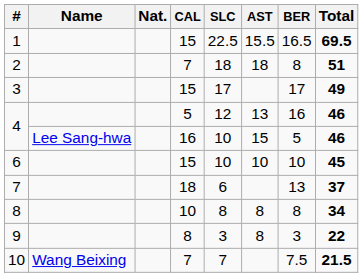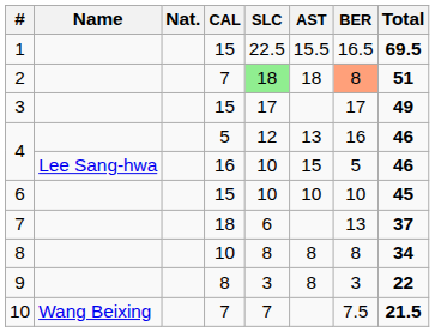 <table class="wikitable sortable" style="text-align:center;">
 <tr>
 <th>#</th>
 <th>Name</th>
 <th>Nat.</th>
 <th><small>CAL</small></th>
 <th><small>SLC</small></th>
 <th><small>AST</small></th>
 <th><small>BER</small></th>
 <th>Total</th>
 </tr>
 <tr>
 <td>1</td>
 <td align=left></td>
 <td></td>
 <td>15</td>
 <td>22.5</td>
 <td>15.5</td>
 <td>16.5</td>
 <td><strong>69.5 </strong></td>
 </tr>
 <tr>
 <td>2</td>
 <td align=left></td>
 <td></td>
 <td>7</td>
+<td style="background: lightgreen;">18</td>
 <td>18</td>
-<td>18</td>
-<td>8</td>
+<td style="background: lightsalmon;">8</td>
 <td><strong>51</strong></td>
 </tr>
 <tr>
 <td>3</td>
 <td align=left></td>
 <td></td>
 <td>15</td>
 <td>17</td>
 <td></td>
 <td>17</td>
 <td><strong>49</strong></td>
 </tr>
 <tr>
 <td rowspan=2>4</td>
 <td align=left></td>
 <td></td>
 <td>5</td>
 <td>12</td>
 <td>13</td>
 <td>16</td>
 <td><strong>46</strong></td>
 </tr>
 <tr>
 <td align=left><a href='#'>Lee Sang-hwa</a></td>
 <td></td>
 <td>16</td>
 <td>10</td>
 <td>15</td>
 <td>5</td>
 <td><strong>46</strong></td>
 </tr>
 <tr>
 <td>6</td>
 <td align=left></td>
 <td></td>
 <td>15</td>
 <td>10</td>
 <td>10</td>
 <td>10</td>
 <td><strong>45</strong></td>
 </tr>
 <tr>
 <td>7</td>
 <td align=left></td>
 <td></td>
 <td>18</td>
 <td>6</td>
 <td></td>
 <td>13</td>
 <td><strong>37</strong></td>
 </tr>
 <tr>
 <td>8</td>
 <td align=left></td>
 <td></td>
 <td>10</td>
 <td>8</td>
 <td>8</td>
 <td>8</td>
 <td><strong>34</strong></td>
 </tr>
 <tr>
 <td>9</td>
 <td align=left></td>
 <td></td>
 <td>8</td>
 <td>3</td>
 <td>8</td>
 <td>3</td>
 <td><strong>22</strong></td>
 </tr>
 <tr>
 <td>10</td>
 <td align=left><a href='#'>Wang Beixing</a></td>
 <td></td>
 <td>7</td>
 <td>7</td>
 <td></td>
 <td>7.5</td>
 <td><strong>21.5 </strong></td>
 </tr>
 </table>
